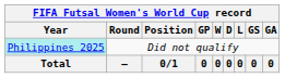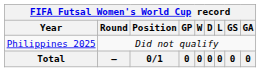 <table class="wikitable" style="text-align: center;font-size:90%;">
 <tr>
 <th colspan=9><a href='#'>FIFA Futsal Women's World Cup</a> record</th>
 </tr>
 <tr>
 <th>Year</th>
 <th>Round</th>
 <th>Position</th>
 <th>GP</th>
 <th>W</th>
 <th>D</th>
 <th>L</th>
 <th>GS</th>
 <th>GA</th>
 </tr>
 <tr>
-<td style="background: paleturquoise;"><a href='#'>Philippines 2025</a></td>
+<td><a href='#'>Philippines 2025</a></td>
 <td colspan=8><em>Did not qualify</em></td>
 </tr>
 <tr>
 <th><strong>Total</strong></th>
 <th>–</th>
 <th><strong>0/1</strong></th>
 <th><strong>0</strong></th>
 <th><strong>0</strong></th>
 <th><strong>0</strong></th>
 <th><strong>0</strong></th>
 <th><strong>0</strong></th>
 <th><strong>0</strong></th>
 </tr>
 </table>
